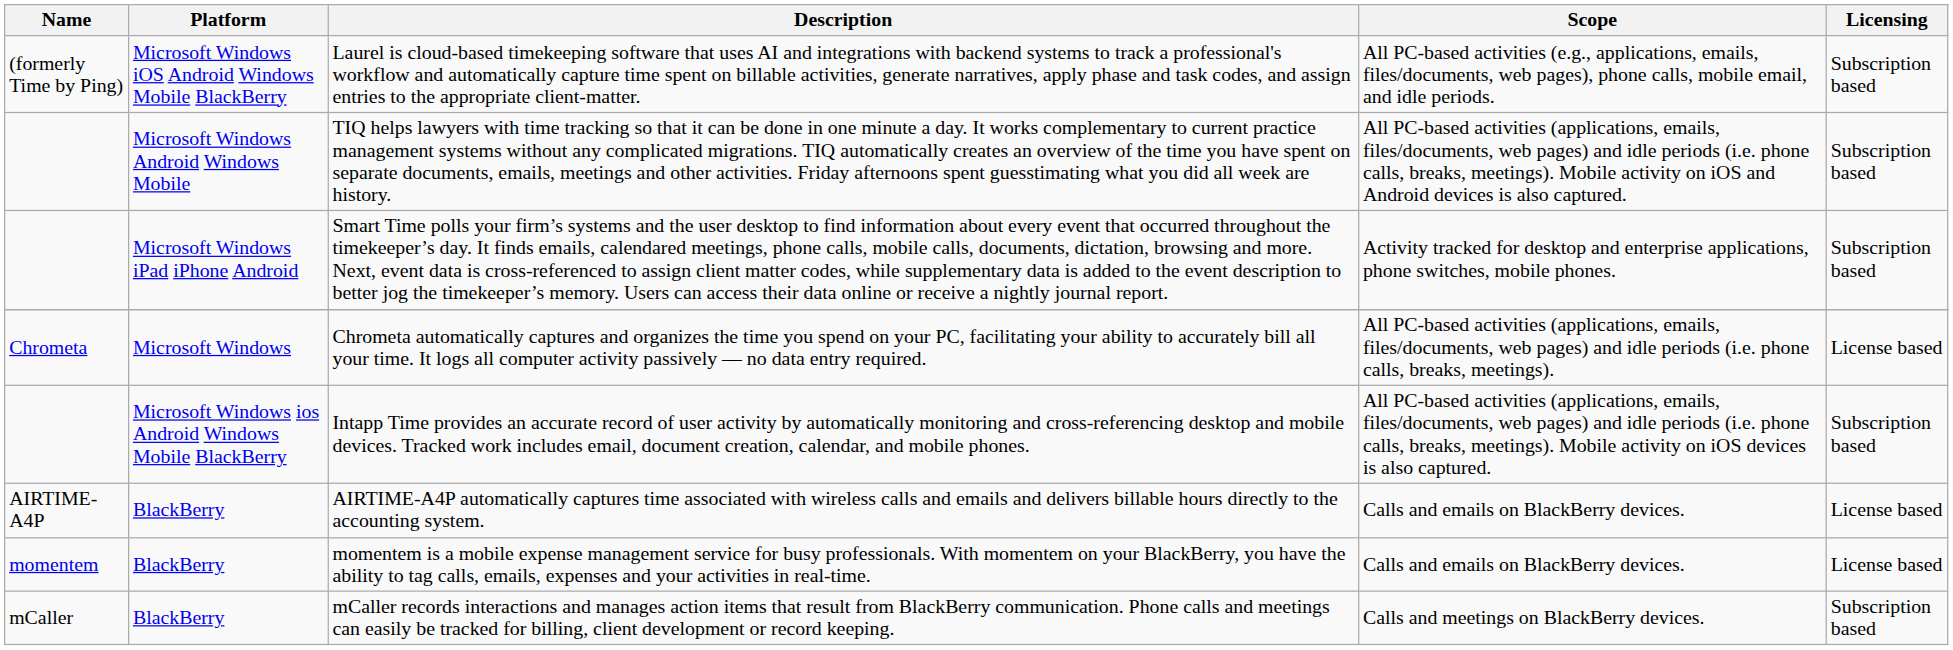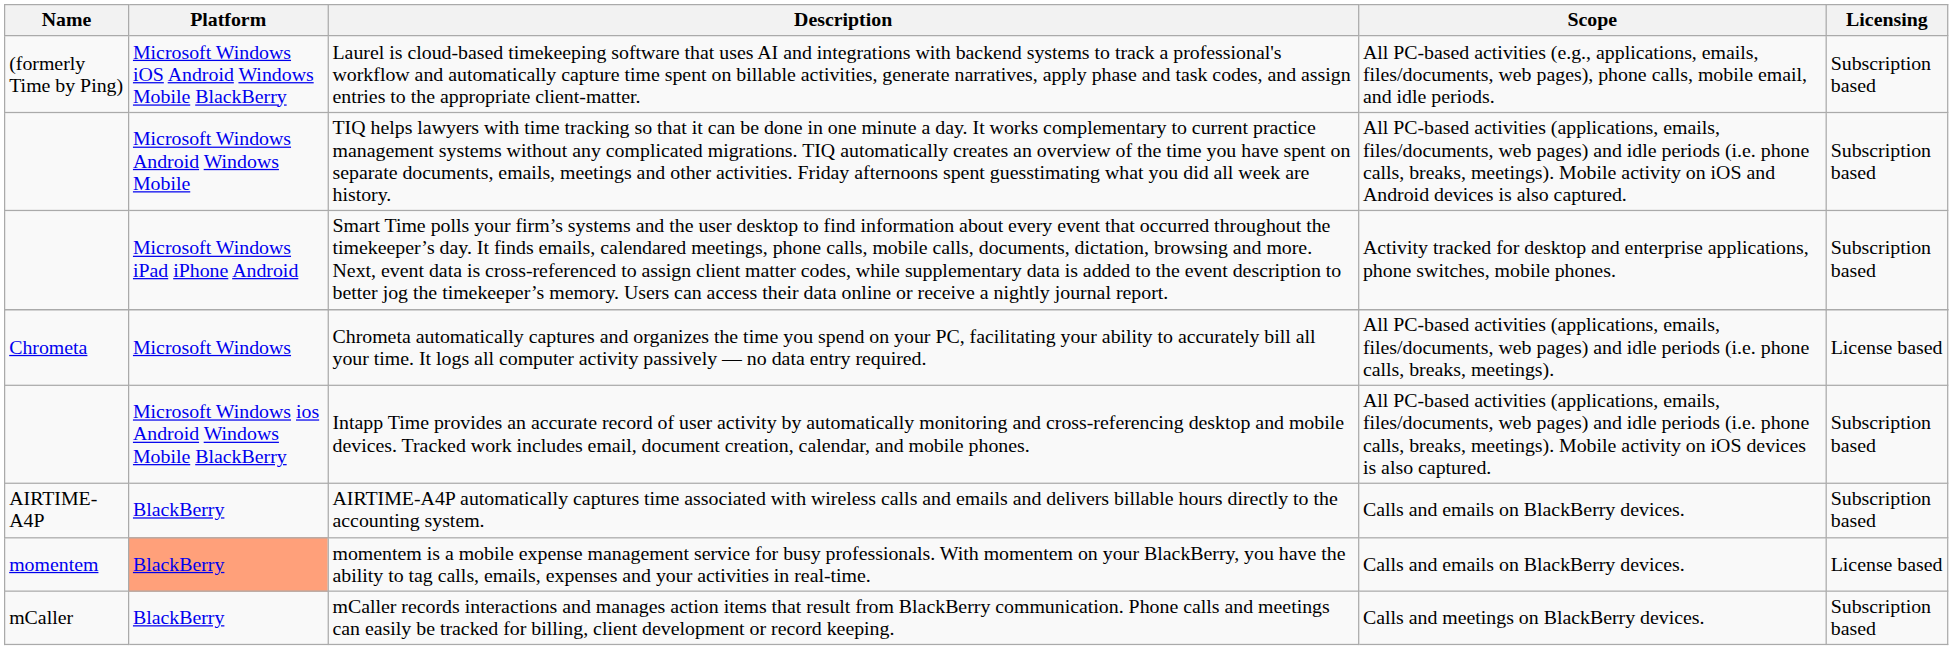 <table class="wikitable">
 <tr>
 <th>Name</th>
 <th>Platform</th>
 <th>Description</th>
 <th>Scope</th>
 <th>Licensing</th>
 </tr>
 <tr>
 <td> (formerly Time by Ping)</td>
 <td><a href='#'>Microsoft Windows</a> <a href='#'>iOS</a> <a href='#'>Android</a> <a href='#'>Windows Mobile</a> <a href='#'>BlackBerry</a></td>
 <td>Laurel is cloud-based timekeeping software that uses AI and integrations with backend systems to track a professional's workflow and automatically capture time spent on billable activities, generate narratives, apply phase and task codes, and assign entries to the appropriate client-matter.</td>
 <td>All PC-based activities (e.g., applications, emails, files/documents, web pages), phone calls, mobile email, and idle periods.</td>
 <td>Subscription based</td>
 </tr>
 <tr>
 <td></td>
 <td><a href='#'>Microsoft Windows</a> <a href='#'>Android</a> <a href='#'>Windows Mobile</a></td>
 <td>TIQ helps lawyers with time tracking so that it can be done in one minute a day. It works complementary to current practice management systems without any complicated migrations. TIQ automatically creates an overview of the time you have spent on separate documents, emails, meetings and other activities. Friday afternoons spent guesstimating what you did all week are history.</td>
 <td>All PC-based activities (applications, emails, files/documents, web pages) and idle periods (i.e. phone calls, breaks, meetings). Mobile activity on iOS and Android devices is also captured.</td>
 <td>Subscription based</td>
 </tr>
 <tr>
 <td><strong></strong></td>
 <td><a href='#'>Microsoft Windows</a> <a href='#'>iPad</a> <a href='#'>iPhone</a> <a href='#'>Android</a></td>
 <td>Smart Time polls your firm’s systems and the user desktop to find information about every event that occurred throughout the timekeeper’s day. It finds emails, calendared meetings, phone calls, mobile calls, documents, dictation, browsing and more. Next, event data is cross-referenced to assign client matter codes, while supplementary data is added to the event description to better jog the timekeeper’s memory. Users can access their data online or receive a nightly journal report.</td>
 <td>Activity tracked for desktop and enterprise applications, phone switches, mobile phones.</td>
 <td>Subscription based</td>
 </tr>
 <tr>
 </tr>
 <tr>
 <td><a href='#'>Chrometa</a></td>
 <td><a href='#'>Microsoft Windows</a></td>
 <td>Chrometa automatically captures and organizes the time you spend on your PC, facilitating your ability to accurately bill all your time. It logs all computer activity passively — no data entry required.</td>
 <td>All PC-based activities (applications, emails, files/documents, web pages) and idle periods (i.e. phone calls, breaks, meetings).</td>
 <td>License based</td>
 </tr>
 <tr>
 <td></td>
 <td><a href='#'>Microsoft Windows</a> <a href='#'>ios</a> <a href='#'>Android</a> <a href='#'>Windows Mobile</a> <a href='#'>BlackBerry</a></td>
 <td>Intapp Time  provides an accurate record of user activity by automatically monitoring and cross-referencing desktop and mobile devices. Tracked work includes email, document creation, calendar, and mobile phones.</td>
 <td>All PC-based activities (applications, emails, files/documents, web pages) and idle periods (i.e. phone calls, breaks, meetings). Mobile activity on iOS devices is also captured.</td>
 <td>Subscription based</td>
 </tr>
 <tr>
 <td>AIRTIME-A4P</td>
 <td><a href='#'>BlackBerry</a></td>
 <td>AIRTIME-A4P automatically captures time associated with wireless calls and emails and delivers billable hours directly to the accounting system.</td>
 <td>Calls and emails on BlackBerry devices.</td>
-<td>License based</td>
+<td>Subscription based</td>
 </tr>
 <tr>
 <td><a href='#'>momentem</a></td>
-<td><a href='#'>BlackBerry</a></td>
+<td style="background: lightsalmon;"><a href='#'>BlackBerry</a></td>
 <td>momentem is a mobile expense management service for busy professionals. With momentem on your BlackBerry, you have the ability to tag calls, emails, expenses and your activities in real-time.</td>
 <td>Calls and emails on BlackBerry devices.</td>
 <td>License based</td>
 </tr>
 <tr>
 <td>mCaller</td>
 <td><a href='#'>BlackBerry</a></td>
 <td>mCaller records interactions and manages action items that result from BlackBerry communication. Phone calls and meetings can easily be tracked for billing, client development or record keeping.</td>
 <td>Calls and meetings on BlackBerry devices.</td>
 <td>Subscription based</td>
 </tr>
 </table>
